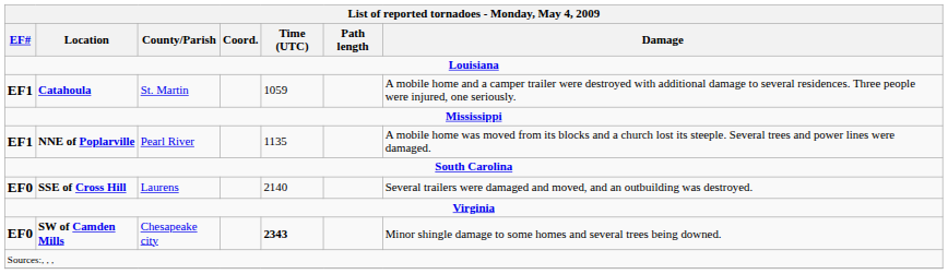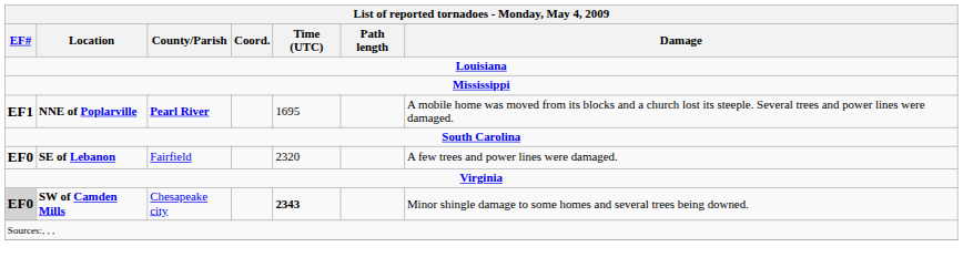 <table class="wikitable collapsible" width="100%">
 <tr>
 <th colspan="7">List of reported tornadoes - Monday, May 4, 2009</th>
 </tr>
 <tr>
 <th><a href='#'>EF#</a></th>
 <th>Location</th>
 <th>County/Parish</th>
 <th>Coord.</th>
 <th>Time (UTC)</th>
 <th>Path length</th>
 <th>Damage</th>
 </tr>
 <tr>
 <td colspan="7" align=center><strong><a href='#'>Louisiana</a></strong></td>
 </tr>
 <tr>
-<td><big><strong>EF1</strong></big></td>
-<td><strong><a href='#'>Catahoula</a></strong></td>
-<td><a href='#'>St. Martin</a></td>
-<td></td>
-<td>1059</td>
-<td></td>
-<td>A mobile home and a camper trailer were destroyed with additional damage to several residences. Three people were injured, one seriously.</td>
-</tr>
-<tr>
 <td colspan="7" align=center><strong><a href='#'>Mississippi</a></strong></td>
 </tr>
 <tr>
 <td><big><strong>EF1</strong></big></td>
 <td><strong>NNE of <a href='#'>Poplarville</a></strong></td>
-<td><a href='#'>Pearl River</a></td>
+<td><strong><a href='#'>Pearl River</a></strong></td>
 <td></td>
-<td>1135</td>
+<td>1695</td>
 <td></td>
 <td>A mobile home was moved from its blocks and a church lost its steeple. Several trees and power lines were damaged.</td>
 </tr>
 <tr>
 <td colspan="7" align=center><strong><a href='#'>South Carolina</a></strong></td>
 </tr>
 <tr>
 <td><big><strong>EF0</strong></big></td>
-<td><strong>SSE of <a href='#'>Cross Hill</a></strong></td>
-<td><a href='#'>Laurens</a></td>
+<td><strong>SE of <a href='#'>Lebanon</a></strong></td>
+<td><a href='#'>Fairfield</a></td>
 <td></td>
-<td>2140</td>
+<td>2320</td>
 <td></td>
-<td>Several trailers were damaged and moved, and an outbuilding was destroyed.</td>
+<td>A few trees and power lines were damaged.</td>
 </tr>
 <tr>
 <td colspan="7" align=center><strong><a href='#'>Virginia</a></strong></td>
 </tr>
 <tr>
-<td><big><strong>EF0</strong></big></td>
+<td style="background: lightgrey;"><big><strong>EF0</strong></big></td>
 <td><strong>SW of <a href='#'>Camden Mills</a></strong></td>
 <td><a href='#'>Chesapeake city</a></td>
 <td></td>
 <td><strong>2343</strong></td>
 <td></td>
 <td>Minor shingle damage to some homes and several trees being downed.</td>
 </tr>
 <tr>
 <td colspan="7"><small>Sources:, , , </small></td>
 </tr>
 <tr>
 </tr>
 </table>
